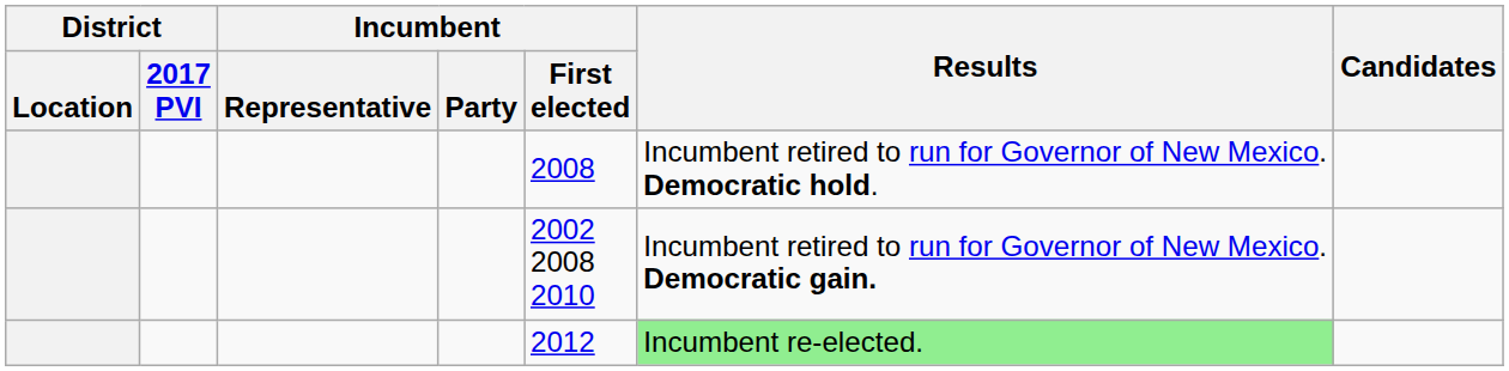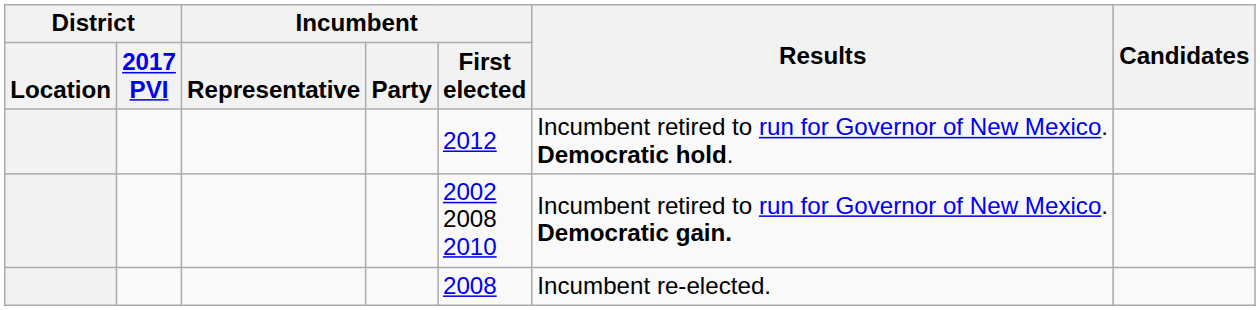 <table class="wikitable sortable">
 <tr>
 <th colspan=2>District</th>
 <th colspan=3>Incumbent</th>
 <th rowspan=2>Results</th>
 <th rowspan=2>Candidates</th>
 </tr>
 <tr valign=bottom>
 <th>Location</th>
 <th><a href='#'>2017<br>PVI</a></th>
 <th>Representative</th>
 <th>Party</th>
 <th>First<br>elected</th>
 </tr>
 <tr>
 <th></th>
 <td></td>
 <td></td>
 <td></td>
-<td><a href='#'>2008</a></td>
+<td><a href='#'>2012</a></td>
 <td>Incumbent retired to <a href='#'>run for Governor of New Mexico</a>.<br><strong>Democratic hold</strong>.</td>
 <td nowrap></td>
 </tr>
 <tr>
 <th></th>
 <td></td>
 <td></td>
 <td></td>
 <td><a href='#'>2002</a><br>2008 <br><a href='#'>2010</a></td>
 <td>Incumbent retired to <a href='#'>run for Governor of New Mexico</a>.<br><strong>Democratic gain.</strong></td>
 <td nowrap></td>
 </tr>
 <tr>
 <th></th>
 <td></td>
 <td></td>
 <td></td>
-<td><a href='#'>2012</a></td>
-<td style="background: lightgreen;">Incumbent re-elected.</td>
+<td><a href='#'>2008</a></td>
+<td>Incumbent re-elected.</td>
 <td nowrap></td>
 </tr>
 </table>
